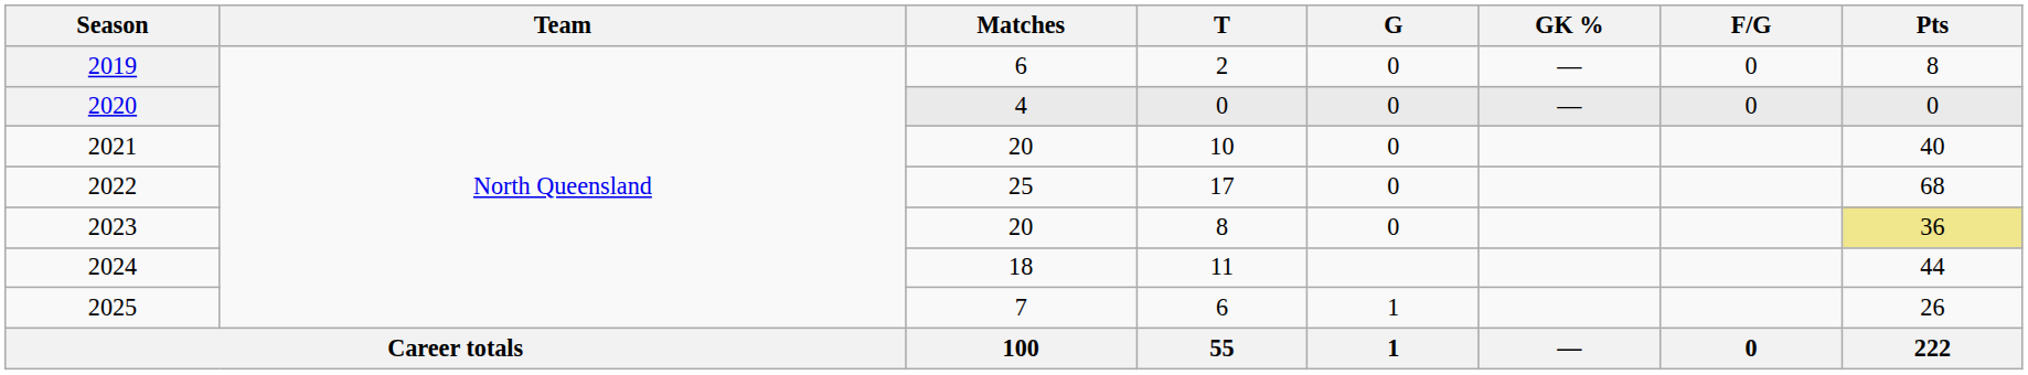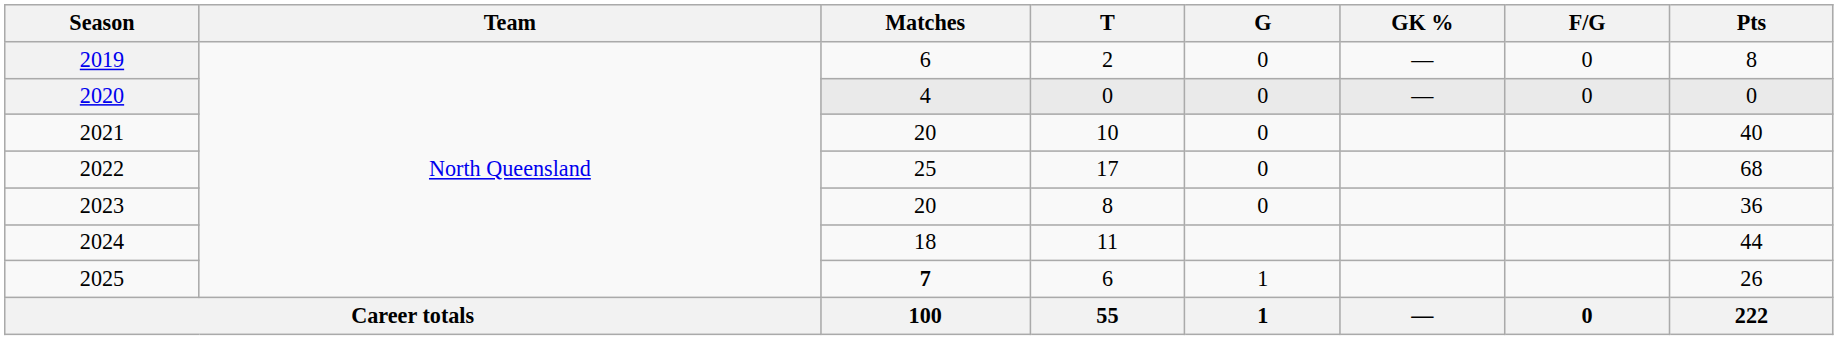 <table class="wikitable sortable"  style="font-size:90%; text-align:center; width:75%;">
 <tr>
 <th width=2%>Season</th>
 <th width=8%>Team</th>
 <th width=2%>Matches</th>
 <th width=2%>T</th>
 <th width=2%>G</th>
 <th width=2%>GK %</th>
 <th width=2%>F/G</th>
 <th width=2%>Pts</th>
 </tr>
 <tr>
 <th scope="row" style="text-align:center; font-weight:normal"><a href='#'>2019</a></th>
 <td rowspan="7" style="text-align:center;"> <a href='#'>North Queensland</a></td>
 <td>6</td>
 <td>2</td>
 <td>0</td>
 <td>—</td>
 <td>0</td>
 <td>8</td>
 </tr>
 <tr style="background:#eaeaea;">
 <th scope="row" style="text-align:center; font-weight:normal"><a href='#'>2020</a></th>
 <td>4</td>
 <td>0</td>
 <td>0</td>
 <td>—</td>
 <td>0</td>
 <td>0</td>
 </tr>
 <tr>
 <td>2021</td>
 <td>20</td>
 <td>10</td>
 <td>0</td>
 <td></td>
 <td></td>
 <td>40</td>
 </tr>
 <tr>
 <td>2022</td>
 <td>25</td>
 <td>17</td>
 <td>0</td>
 <td></td>
 <td></td>
 <td>68</td>
 </tr>
 <tr>
 <td>2023</td>
 <td>20</td>
 <td>8</td>
 <td>0</td>
 <td></td>
 <td></td>
-<td style="background: khaki;">36</td>
+<td>36</td>
 </tr>
 <tr>
 <td>2024</td>
 <td>18</td>
 <td>11</td>
 <td></td>
 <td></td>
 <td></td>
 <td>44</td>
 </tr>
 <tr>
 <td>2025</td>
-<td>7</td>
+<td><strong>7</strong></td>
 <td>6</td>
 <td>1</td>
 <td></td>
 <td></td>
 <td>26</td>
 </tr>
 <tr class="sortbottom">
 <th colspan="2">Career totals</th>
 <th>100</th>
 <th>55</th>
 <th>1</th>
 <th>—</th>
 <th>0</th>
 <th>222</th>
 </tr>
 </table>
